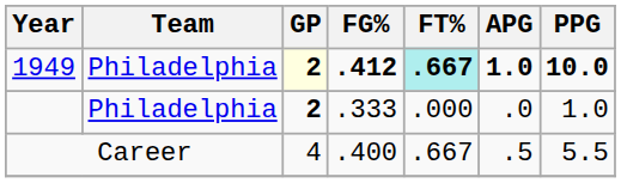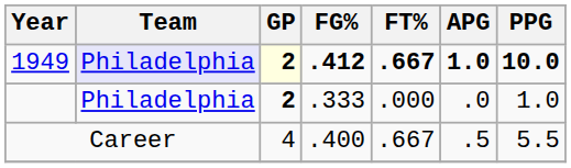 <table class="wikitable sortable" style="font-size:95%; text-align:right;">
 <tr>
 <th>Year</th>
 <th>Team</th>
 <th>GP</th>
 <th>FG%</th>
 <th>FT%</th>
 <th>APG</th>
 <th>PPG</th>
 </tr>
 <tr>
 <td style="text-align:left;"><a href='#'>1949</a></td>
-<td style="text-align:left;"><a href='#'>Philadelphia</a></td>
+<td style="background: lavender; text-align:left;"><a href='#'>Philadelphia</a></td>
 <td style="background: lightyellow;"><strong>2</strong></td>
 <td><strong>.412</strong></td>
-<td style="background: paleturquoise;"><strong>.667</strong></td>
+<td><strong>.667</strong></td>
 <td><strong>1.0</strong></td>
 <td><strong>10.0</strong></td>
 </tr>
 <tr>
 <td style="text-align:left;"></td>
 <td style="text-align:left;"><a href='#'>Philadelphia</a></td>
 <td><strong>2</strong></td>
 <td>.333</td>
 <td>.000</td>
 <td>.0</td>
 <td>1.0</td>
 </tr>
 <tr>
 <td style="text-align:center;" colspan="2">Career</td>
 <td>4</td>
 <td>.400</td>
 <td>.667</td>
 <td>.5</td>
 <td>5.5</td>
 </tr>
 <tr>
 </tr>
 </table>
